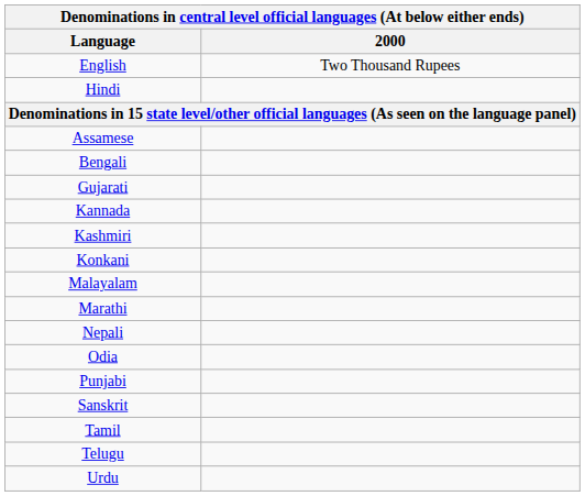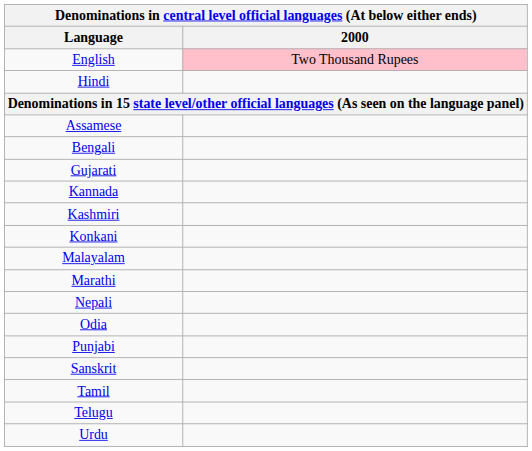 <table class="wikitable" style="text-align:center">
 <tr>
 <th colspan="2">Denominations in <a href='#'>central level official languages</a> (At below either ends)</th>
 </tr>
 <tr>
 <th>Language</th>
 <th>2000</th>
 </tr>
 <tr>
 <td><a href='#'>English</a></td>
-<td>Two Thousand Rupees</td>
+<td style="background: pink;">Two Thousand Rupees</td>
 </tr>
 <tr>
 <td><a href='#'>Hindi</a></td>
 <td></td>
 </tr>
 <tr>
 <th colspan="11">Denominations in 15 <a href='#'>state level/other official languages</a> (As seen on the language panel)</th>
 </tr>
 <tr>
 <td><a href='#'>Assamese</a></td>
 <td></td>
 </tr>
 <tr>
 <td><a href='#'>Bengali</a></td>
 <td></td>
 </tr>
 <tr>
 <td><a href='#'>Gujarati</a></td>
 <td></td>
 </tr>
 <tr>
 <td><a href='#'>Kannada</a></td>
 <td></td>
 </tr>
 <tr>
 <td><a href='#'>Kashmiri</a></td>
 <td></td>
 </tr>
 <tr>
 <td><a href='#'>Konkani</a></td>
 <td></td>
 </tr>
 <tr>
 <td><a href='#'>Malayalam</a></td>
 <td></td>
 </tr>
 <tr>
 <td><a href='#'>Marathi</a></td>
 <td></td>
 </tr>
 <tr>
 <td><a href='#'>Nepali</a></td>
 <td></td>
 </tr>
 <tr>
 <td><a href='#'>Odia</a></td>
 <td></td>
 </tr>
 <tr>
 <td><a href='#'>Punjabi</a></td>
 <td></td>
 </tr>
 <tr>
 <td><a href='#'>Sanskrit</a></td>
 <td></td>
 </tr>
 <tr>
 <td><a href='#'>Tamil</a></td>
 <td></td>
 </tr>
 <tr>
 <td><a href='#'>Telugu</a></td>
 <td></td>
 </tr>
 <tr>
 <td><a href='#'>Urdu</a></td>
 <td></td>
 </tr>
 </table>
